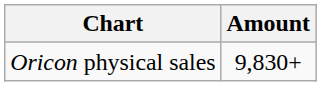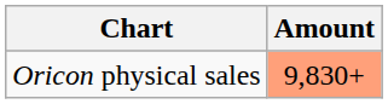 <table class="wikitable">
 <tr>
 <th>Chart</th>
 <th>Amount</th>
 </tr>
 <tr>
 <td><em>Oricon</em> physical sales</td>
-<td style="text-align:center;">9,830+</td>
+<td style="background: lightsalmon; text-align:center;">9,830+</td>
 </tr>
 </table>
